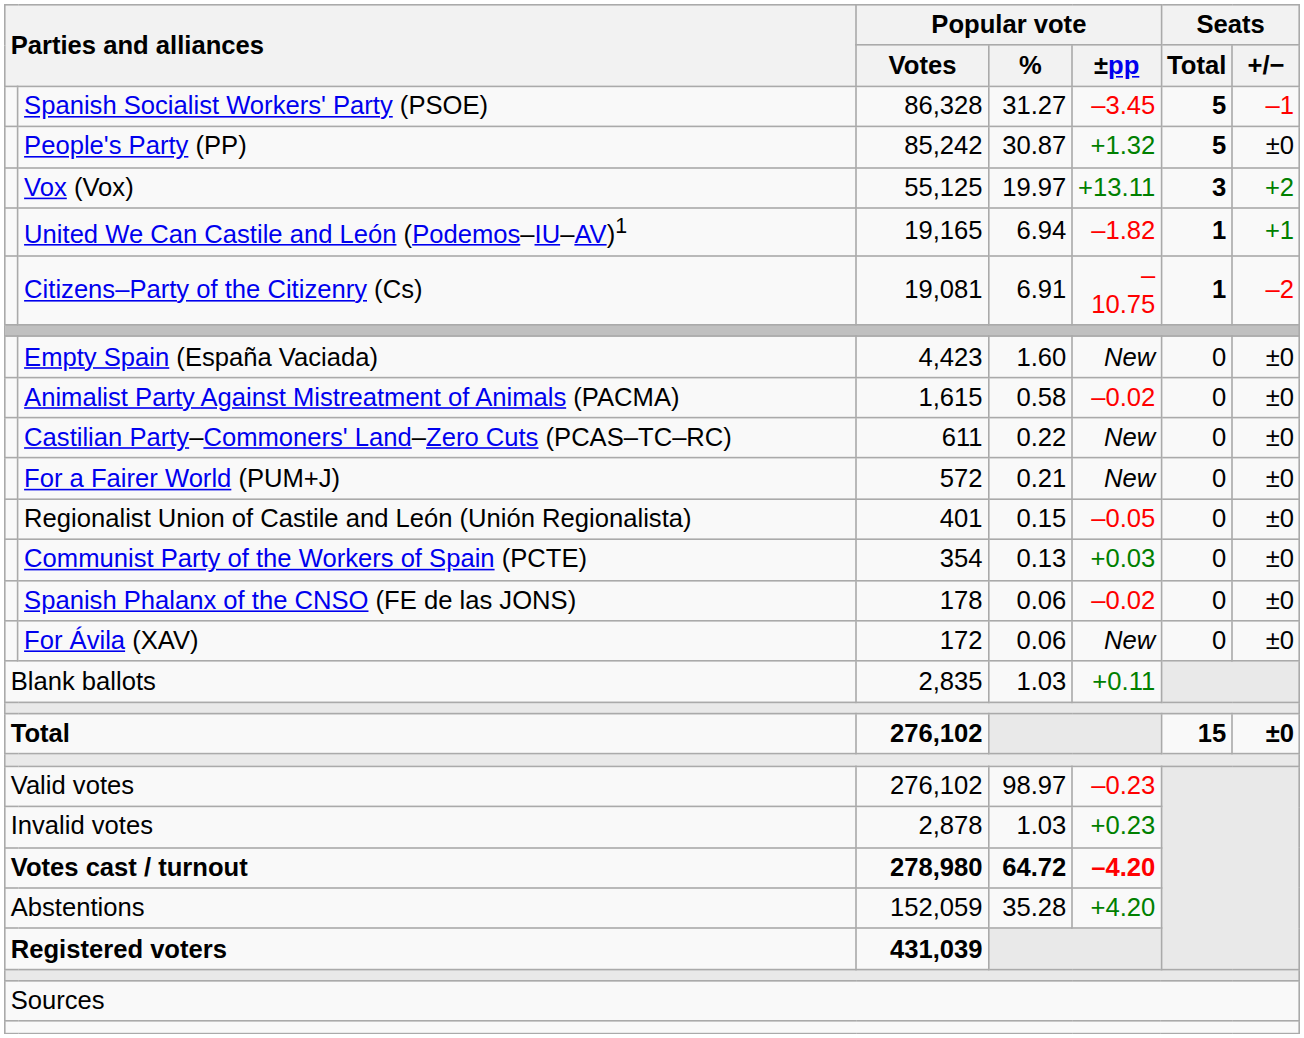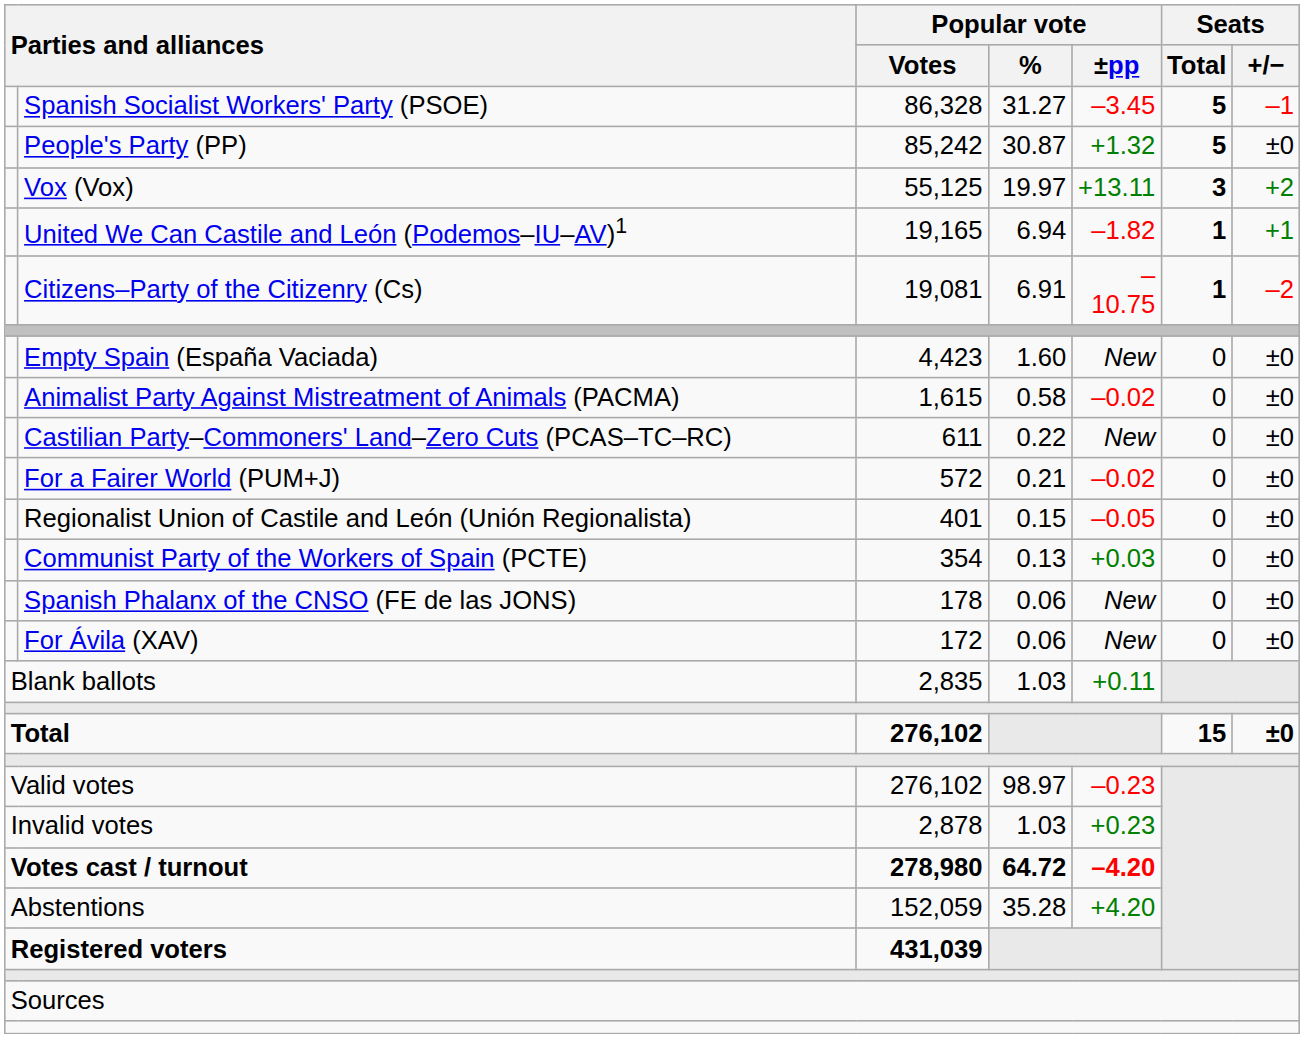 <table class="wikitable" style="text-align:right;">
 <tr>
 <th style="text-align:left;" rowspan="2" colspan="2" width="525">Parties and alliances</th>
 <th colspan="3">Popular vote</th>
 <th colspan="2">Seats</th>
 </tr>
 <tr>
 <th width="75">Votes</th>
 <th width="45">%</th>
 <th width="45">±<a href='#'>pp</a></th>
 <th width="35">Total</th>
 <th width="35">+/−</th>
 </tr>
 <tr>
 <td width="1" style="color:inherit;background:"></td>
 <td align="left"><a href='#'>Spanish Socialist Workers' Party</a> (PSOE)</td>
 <td>86,328</td>
 <td>31.27</td>
 <td style="color:red;">–3.45</td>
 <td><strong>5</strong></td>
 <td style="color:red;">–1</td>
 </tr>
 <tr>
 <td style="color:inherit;background:"></td>
 <td align="left"><a href='#'>People's Party</a> (PP)</td>
 <td>85,242</td>
 <td>30.87</td>
 <td style="color:green;">+1.32</td>
 <td><strong>5</strong></td>
 <td>±0</td>
 </tr>
 <tr>
 <td style="color:inherit;background:"></td>
 <td align="left"><a href='#'>Vox</a> (Vox)</td>
 <td>55,125</td>
 <td>19.97</td>
 <td style="color:green;">+13.11</td>
 <td><strong>3</strong></td>
 <td style="color:green;">+2</td>
 </tr>
 <tr>
 <td style="color:inherit;background:"></td>
 <td align="left"><a href='#'>United We Can Castile and León</a> (<a href='#'>Podemos</a>–<a href='#'>IU</a>–<a href='#'>AV</a>)<sup>1</sup></td>
 <td>19,165</td>
 <td>6.94</td>
 <td style="color:red;">–1.82</td>
 <td><strong>1</strong></td>
 <td style="color:green;">+1</td>
 </tr>
 <tr>
 <td style="color:inherit;background:"></td>
 <td align="left"><a href='#'>Citizens–Party of the Citizenry</a> (Cs)</td>
 <td>19,081</td>
 <td>6.91</td>
 <td style="color:red;">–10.75</td>
 <td><strong>1</strong></td>
 <td style="color:red;">–2</td>
 </tr>
 <tr>
 <td colspan="7" bgcolor="#C0C0C0"></td>
 </tr>
 <tr>
 <td style="color:inherit;background:"></td>
 <td align="left"><a href='#'>Empty Spain</a> (España Vaciada)</td>
 <td>4,423</td>
 <td>1.60</td>
 <td><em>New</em></td>
 <td>0</td>
 <td>±0</td>
 </tr>
 <tr>
 <td style="color:inherit;background:"></td>
 <td align="left"><a href='#'>Animalist Party Against Mistreatment of Animals</a> (PACMA)</td>
 <td>1,615</td>
 <td>0.58</td>
 <td style="color:red;">–0.02</td>
 <td>0</td>
 <td>±0</td>
 </tr>
 <tr>
 <td style="color:inherit;background:"></td>
 <td align="left"><a href='#'>Castilian Party</a>–<a href='#'>Commoners' Land</a>–<a href='#'>Zero Cuts</a> (PCAS–TC–RC)</td>
 <td>611</td>
 <td>0.22</td>
 <td><em>New</em></td>
 <td>0</td>
 <td>±0</td>
 </tr>
 <tr>
 <td style="color:inherit;background:"></td>
 <td align="left"><a href='#'>For a Fairer World</a> (PUM+J)</td>
 <td>572</td>
 <td>0.21</td>
-<td><em>New</em></td>
+<td style="color:red;">–0.02</td>
 <td>0</td>
 <td>±0</td>
 </tr>
 <tr>
 <td style="color:inherit;background:"></td>
 <td align="left">Regionalist Union of Castile and León (Unión Regionalista)</td>
 <td>401</td>
 <td>0.15</td>
 <td style="color:red;">–0.05</td>
 <td>0</td>
 <td>±0</td>
 </tr>
 <tr>
 <td style="color:inherit;background:"></td>
 <td align="left"><a href='#'>Communist Party of the Workers of Spain</a> (PCTE)</td>
 <td>354</td>
 <td>0.13</td>
 <td style="color:green;">+0.03</td>
 <td>0</td>
 <td>±0</td>
 </tr>
 <tr>
 <td style="color:inherit;background:"></td>
 <td align="left"><a href='#'>Spanish Phalanx of the CNSO</a> (FE de las JONS)</td>
 <td>178</td>
 <td>0.06</td>
-<td style="color:red;">–0.02</td>
+<td><em>New</em></td>
 <td>0</td>
 <td>±0</td>
 </tr>
 <tr>
 <td style="color:inherit;background:"></td>
 <td align="left"><a href='#'>For Ávila</a> (XAV)</td>
 <td>172</td>
 <td>0.06</td>
 <td><em>New</em></td>
 <td>0</td>
 <td>±0</td>
 </tr>
 <tr>
 <td align="left" colspan="2">Blank ballots</td>
 <td>2,835</td>
 <td>1.03</td>
 <td style="color:green;">+0.11</td>
 <td bgcolor="#E9E9E9" colspan="2"></td>
 </tr>
 <tr>
 <td colspan="7" bgcolor="#E9E9E9"></td>
 </tr>
 <tr style="font-weight:bold;">
 <td align="left" colspan="2">Total</td>
 <td>276,102</td>
 <td bgcolor="#E9E9E9" colspan="2"></td>
 <td>15</td>
 <td>±0</td>
 </tr>
 <tr>
 <td colspan="7" bgcolor="#E9E9E9"></td>
 </tr>
 <tr>
 <td align="left" colspan="2">Valid votes</td>
 <td>276,102</td>
 <td>98.97</td>
 <td style="color:red;">–0.23</td>
 <td bgcolor="#E9E9E9" colspan="2" rowspan="5"></td>
 </tr>
 <tr>
 <td align="left" colspan="2">Invalid votes</td>
 <td>2,878</td>
 <td>1.03</td>
 <td style="color:green;">+0.23</td>
 </tr>
 <tr style="font-weight:bold;">
 <td align="left" colspan="2">Votes cast / turnout</td>
 <td>278,980</td>
 <td>64.72</td>
 <td style="color:red;">–4.20</td>
 </tr>
 <tr>
 <td align="left" colspan="2">Abstentions</td>
 <td>152,059</td>
 <td>35.28</td>
 <td style="color:green;">+4.20</td>
 </tr>
 <tr style="font-weight:bold;">
 <td align="left" colspan="2">Registered voters</td>
 <td>431,039</td>
 <td bgcolor="#E9E9E9" colspan="2"></td>
 </tr>
 <tr>
 <td colspan="7" bgcolor="#E9E9E9"></td>
 </tr>
 <tr>
 <td align="left" colspan="7">Sources</td>
 </tr>
 <tr>
 <td colspan="7" style="text-align:left; max-width:790px;"></td>
 </tr>
 </table>
